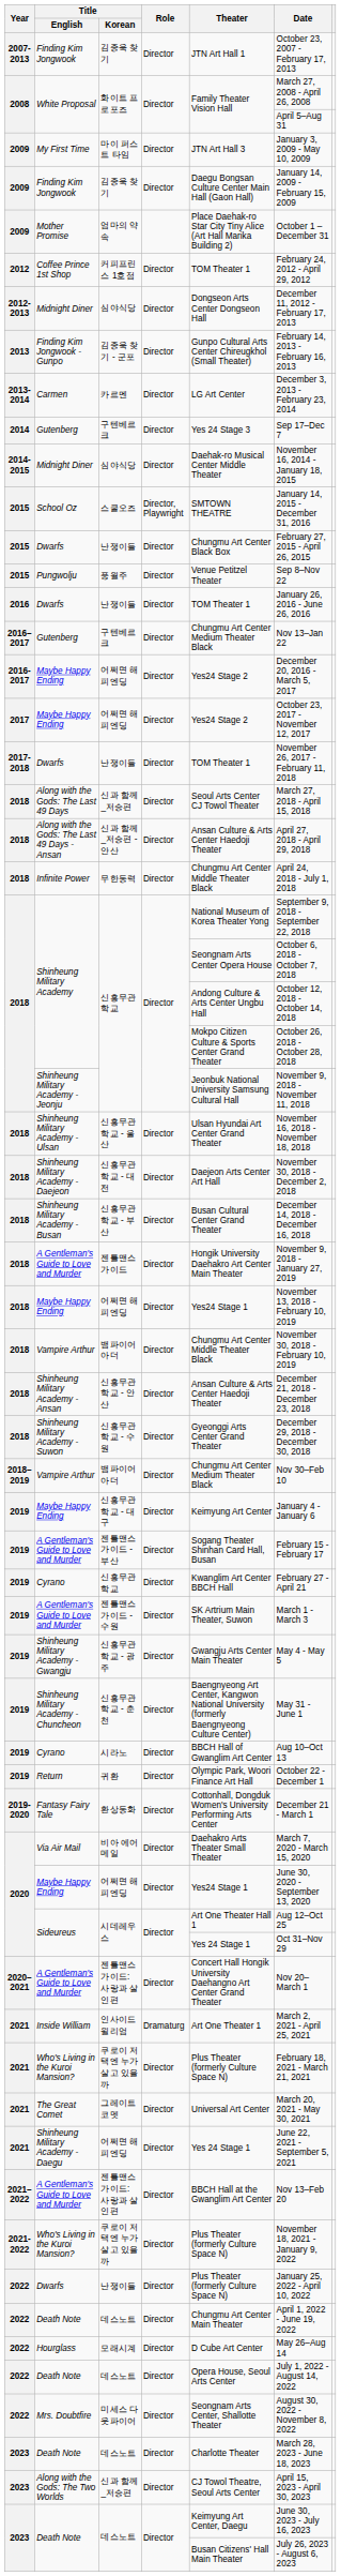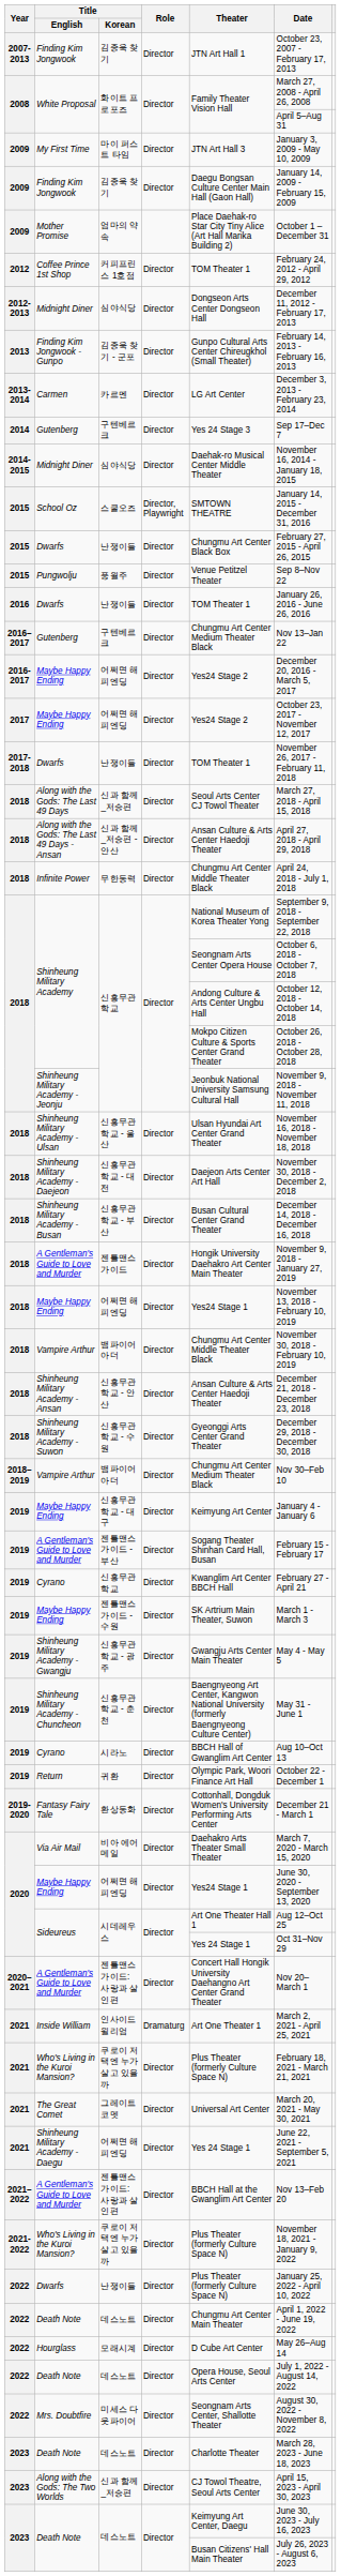 <table class="wikitable sortable plainrowheaders">
 <tr>
 <th rowspan="2" scope="col">Year</th>
 <th colspan="2" scope="col">Title</th>
 <th rowspan="2" scope="col">Role</th>
 <th rowspan="2" scope="col">Theater</th>
 <th rowspan="2" scope="col" class="sortable">Date</th>
 <th rowspan="2" scope="col" class="unsortable"></th>
 </tr>
 <tr>
 <th>English</th>
 <th>Korean</th>
 </tr>
 <tr>
 <th scope="row">2007-2013</th>
 <td><em>Finding Kim Jongwook</em></td>
 <td>김종욱 찾기</td>
 <td>Director</td>
 <td>JTN Art Hall 1</td>
 <td>October 23, 2007 - February 17, 2013</td>
 <td></td>
 </tr>
 <tr>
 <th rowspan="2" scope="row">2008</th>
 <td rowspan="2"><em>White Proposal</em></td>
 <td rowspan="2">화이트 프로포즈</td>
 <td rowspan="2">Director</td>
 <td rowspan="2">Family Theater Vision Hall</td>
 <td>March 27, 2008 - April 26, 2008</td>
 <td></td>
 </tr>
 <tr>
 <td>April 5–Aug 31</td>
 <td></td>
 </tr>
 <tr>
 <th scope="row">2009</th>
 <td><em>My First Time</em></td>
 <td>마이 퍼스트 타임</td>
 <td>Director</td>
 <td>JTN Art Hall 3</td>
 <td>January 3, 2009 - May 10, 2009</td>
 <td></td>
 </tr>
 <tr>
 <th scope="row">2009</th>
 <td><em>Finding Kim Jongwook</em></td>
 <td>김종욱 찾기</td>
 <td>Director</td>
 <td>Daegu Bongsan Culture Center Main Hall (Gaon Hall)</td>
 <td>January 14, 2009 - February 15, 2009</td>
 <td></td>
 </tr>
 <tr>
 <th scope="row">2009</th>
 <td><em>Mother Promise</em></td>
 <td>엄마의 약속</td>
 <td></td>
 <td>Place	Daehak-ro Star City Tiny Alice (Art Hall Marika Building 2)</td>
 <td>October 1 – December 31</td>
 <td></td>
 </tr>
 <tr>
 <th scope="row">2012</th>
 <td><em>Coffee Prince 1st Shop</em></td>
 <td>커피프린스 1호점</td>
 <td>Director</td>
 <td>TOM Theater 1</td>
 <td>February 24, 2012 - April 29, 2012</td>
 <td></td>
 </tr>
 <tr>
 <th scope="row">2012-2013</th>
 <td><em>Midnight Diner</em></td>
 <td>심야식당</td>
 <td>Director</td>
 <td>Dongseon Arts Center Dongseon Hall</td>
 <td>December 11, 2012 - February 17, 2013</td>
 <td></td>
 </tr>
 <tr>
 <th scope="row">2013</th>
 <td><em>Finding Kim Jongwook - Gunpo</em></td>
 <td>김종욱 찾기 - 군포</td>
 <td>Director</td>
 <td>Gunpo Cultural Arts Center Chireugkhol (Small Theater)</td>
 <td>February 14, 2013 - February 16, 2013</td>
 <td></td>
 </tr>
 <tr>
 <th scope="row">2013-2014</th>
 <td><em>Carmen</em></td>
 <td>카르멘</td>
 <td>Director</td>
 <td>LG Art Center</td>
 <td>December 3, 2013 - February 23, 2014</td>
 <td></td>
 </tr>
 <tr>
 <th scope="row">2014</th>
 <td><em>Gutenberg</em></td>
 <td>구텐베르크</td>
 <td>Director</td>
 <td>Yes 24 Stage 3</td>
 <td>Sep 17–Dec 7</td>
 <td></td>
 </tr>
 <tr>
 <th scope="row">2014-2015</th>
 <td><em>Midnight Diner</em></td>
 <td>심야식당</td>
 <td>Director</td>
 <td>Daehak-ro Musical Center Middle Theater</td>
 <td>November 16, 2014 - January 18, 2015</td>
 <td></td>
 </tr>
 <tr>
 <th scope="row">2015</th>
 <td><em>School Oz</em></td>
 <td>스쿨오즈</td>
 <td>Director, Playwright</td>
 <td>SMTOWN THEATRE</td>
 <td>January 14, 2015 - December 31, 2016</td>
 <td></td>
 </tr>
 <tr>
 <th scope="row">2015</th>
 <td><em>Dwarfs</em></td>
 <td>난쟁이들</td>
 <td>Director</td>
 <td>Chungmu Art Center Black Box</td>
 <td>February 27, 2015 - April 26, 2015</td>
 <td></td>
 </tr>
 <tr>
 <th scope="row">2015</th>
 <td><em>Pungwolju</em></td>
 <td>풍월주</td>
 <td>Director</td>
 <td>Venue Petitzel Theater</td>
 <td>Sep 8–Nov 22</td>
 <td></td>
 </tr>
 <tr>
 <th scope="row">2016</th>
 <td><em>Dwarfs</em></td>
 <td>난쟁이들</td>
 <td>Director</td>
 <td>TOM Theater 1</td>
 <td>January 26, 2016 - June 26, 2016</td>
 <td></td>
 </tr>
 <tr>
 <th scope="row">2016–2017</th>
 <td><em>Gutenberg</em></td>
 <td>구텐베르크</td>
 <td>Director</td>
 <td>Chungmu Art Center Medium Theater Black</td>
 <td>Nov 13–Jan 22</td>
 <td></td>
 </tr>
 <tr>
 <th scope="row">2016-2017</th>
 <td><em><a href='#'>Maybe Happy Ending</a></em></td>
 <td>어쩌면 해피엔딩</td>
 <td>Director</td>
 <td>Yes24 Stage 2</td>
 <td>December 20, 2016 - March 5, 2017</td>
 <td></td>
 </tr>
 <tr>
 <th scope="row">2017</th>
 <td><em><a href='#'>Maybe Happy Ending</a></em></td>
 <td>어쩌면 해피엔딩</td>
 <td>Director</td>
 <td>Yes24 Stage 2</td>
 <td>October 23, 2017 - November 12, 2017</td>
 <td></td>
 </tr>
 <tr>
 <th scope="row">2017-2018</th>
 <td><em>Dwarfs</em></td>
 <td>난쟁이들</td>
 <td>Director</td>
 <td>TOM Theater 1</td>
 <td>November 26, 2017 - February 11, 2018</td>
 <td></td>
 </tr>
 <tr>
 <th scope="row">2018</th>
 <td><em>Along with the Gods: The Last 49 Days</em></td>
 <td>신과 함께_저승편</td>
 <td>Director</td>
 <td>Seoul Arts Center CJ Towol Theater</td>
 <td>March 27, 2018 - April 15, 2018</td>
 <td></td>
 </tr>
 <tr>
 <th scope="row">2018</th>
 <td><em>Along with the Gods: The Last 49 Days - Ansan</em></td>
 <td>신과 함께_저승편 - 안산</td>
 <td>Director</td>
 <td>Ansan Culture & Arts Center Haedoji Theater</td>
 <td>April 27, 2018 - April 29, 2018</td>
 <td></td>
 </tr>
 <tr>
 <th scope="row">2018</th>
 <td><em>Infinite Power</em></td>
 <td>무한동력</td>
 <td>Director</td>
 <td>Chungmu Art Center Middle Theater Black</td>
 <td>April 24, 2018 - July 1, 2018</td>
 <td></td>
 </tr>
 <tr>
 <th rowspan="5" scope="row">2018</th>
 <td rowspan="4"><em>Shinheung Military Academy</em></td>
 <td rowspan="5">신흥무관학교</td>
 <td rowspan="5">Director</td>
 <td>National Museum of Korea Theater Yong</td>
 <td>September 9, 2018 - September 22, 2018</td>
 <td></td>
 </tr>
 <tr>
 <td>Seongnam Arts Center Opera House</td>
 <td>October 6, 2018 - October 7, 2018</td>
 <td></td>
 </tr>
 <tr>
 <td>Andong Culture & Arts Center Ungbu Hall</td>
 <td>October 12, 2018 - October 14, 2018</td>
 <td></td>
 </tr>
 <tr>
 <td>Mokpo Citizen Culture & Sports Center Grand Theater</td>
 <td>October 26, 2018 - October 28, 2018</td>
 <td></td>
 </tr>
 <tr>
 <td><em>Shinheung Military Academy - Jeonju</em></td>
 <td>Jeonbuk National University Samsung Cultural Hall</td>
 <td>November 9, 2018 - November 11, 2018</td>
 <td></td>
 </tr>
 <tr>
 <th scope="row">2018</th>
 <td><em>Shinheung Military Academy - Ulsan</em></td>
 <td>신흥무관학교 - 울산</td>
 <td>Director</td>
 <td>Ulsan Hyundai Art Center Grand Theater</td>
 <td>November 16, 2018 - November 18, 2018</td>
 <td></td>
 </tr>
 <tr>
 <th scope="row">2018</th>
 <td><em>Shinheung Military Academy - Daejeon</em></td>
 <td>신흥무관학교 - 대전</td>
 <td>Director</td>
 <td>Daejeon Arts Center Art Hall</td>
 <td>November 30, 2018 - December 2, 2018</td>
 <td></td>
 </tr>
 <tr>
 <th scope="row">2018</th>
 <td><em>Shinheung Military Academy - Busan</em></td>
 <td>신흥무관학교 - 부산</td>
 <td>Director</td>
 <td>Busan Cultural Center Grand Theater</td>
 <td>December 14, 2018 - December 16, 2018</td>
 <td></td>
 </tr>
 <tr>
 <th scope="row">2018</th>
 <td><em><a href='#'>A Gentleman's Guide to Love and Murder</a></em></td>
 <td>젠틀맨스 가이드</td>
 <td>Director</td>
 <td>Hongik University Daehakro Art Center Main Theater</td>
 <td>November 9, 2018 - January 27, 2019</td>
 <td></td>
 </tr>
 <tr>
 <th scope="row">2018</th>
 <td><em><a href='#'>Maybe Happy Ending</a></em></td>
 <td>어쩌면 해피엔딩</td>
 <td>Director</td>
 <td>Yes24 Stage 1</td>
 <td>November 13, 2018 - February 10, 2019</td>
 <td></td>
 </tr>
 <tr>
 <th scope="row">2018</th>
 <td><em>Vampire Arthur</em></td>
 <td>뱀파이어 아더</td>
 <td>Director</td>
 <td>Chungmu Art Center Middle Theater Black</td>
 <td>November 30, 2018 - February 10, 2019</td>
 <td></td>
 </tr>
 <tr>
 <th scope="row">2018</th>
 <td><em>Shinheung Military Academy - Ansan</em></td>
 <td>신흥무관학교 - 안산</td>
 <td>Director</td>
 <td>Ansan Culture & Arts Center Haedoji Theater</td>
 <td>December 21, 2018 - December 23, 2018</td>
 <td></td>
 </tr>
 <tr>
 <th scope="row">2018</th>
 <td><em>Shinheung Military Academy - Suwon</em></td>
 <td>신흥무관학교 - 수원</td>
 <td>Director</td>
 <td>Gyeonggi Arts Center Grand Theater</td>
 <td>December 29, 2018 - December 30, 2018</td>
 <td></td>
 </tr>
 <tr>
 <th scope="row">2018–2019</th>
 <td><em>Vampire Arthur</em></td>
 <td>뱀파이어 아더</td>
 <td>Director</td>
 <td>Chungmu Art Center Medium Theater Black</td>
 <td>Nov 30–Feb 10</td>
 <td></td>
 </tr>
 <tr>
 <th scope="row">2019</th>
 <td><em><a href='#'>Maybe Happy Ending</a></em></td>
 <td>신흥무관학교 - 대구</td>
 <td>Director</td>
 <td>Keimyung Art Center</td>
 <td>January 4 - January 6</td>
 <td></td>
 </tr>
 <tr>
 <th scope="row">2019</th>
 <td><em><a href='#'>A Gentleman's Guide to Love and Murder</a></em></td>
 <td>젠틀맨스 가이드 - 부산</td>
 <td>Director</td>
 <td>Sogang Theater Shinhan Card Hall, Busan</td>
 <td>February 15 - February 17</td>
 <td></td>
 </tr>
 <tr>
 <th scope="row">2019</th>
 <td><em>Cyrano</em></td>
 <td>신흥무관학교</td>
 <td>Director</td>
 <td>Kwanglim Art Center BBCH Hall</td>
 <td>February 27 - April 21</td>
 <td></td>
 </tr>
 <tr>
 <th scope="row">2019</th>
-<td><em><a href='#'>A Gentleman's Guide to Love and Murder</a></em></td>
+<td><em><a href='#'>Maybe Happy Ending</a></em></td>
 <td>젠틀맨스 가이드 - 수원</td>
 <td>Director</td>
 <td>SK Artrium Main Theater, Suwon</td>
 <td>March 1 - March 3</td>
 <td></td>
 </tr>
 <tr>
 <th scope="row">2019</th>
 <td><em>Shinheung Military Academy - Gwangju</em></td>
 <td>신흥무관학교 - 광주</td>
 <td>Director</td>
 <td>Gwangju Arts Center Main Theater</td>
 <td>May 4 - May 5</td>
 <td></td>
 </tr>
 <tr>
 <th scope="row">2019</th>
 <td><em>Shinheung Military Academy - Chuncheon</em></td>
 <td>신흥무관학교 - 춘천</td>
 <td>Director</td>
 <td>Baengnyeong Art Center, Kangwon National University (formerly Baengnyeong Culture Center)</td>
 <td>May 31 - June 1</td>
 <td></td>
 </tr>
 <tr>
 <th scope="row">2019</th>
 <td><em>Cyrano</em></td>
 <td>시라노</td>
 <td>Director</td>
 <td>BBCH Hall of Gwanglim Art Center</td>
 <td>Aug 10–Oct 13</td>
 <td></td>
 </tr>
 <tr>
 <th scope="row">2019</th>
 <td><em>Return</em></td>
 <td>귀환</td>
 <td>Director</td>
 <td>Olympic Park, Woori Finance Art Hall</td>
 <td>October 22 - December 1</td>
 <td></td>
 </tr>
 <tr>
 <th scope="row">2019-2020</th>
 <td><em>Fantasy Fairy Tale</em></td>
 <td>환상동화</td>
 <td>Director</td>
 <td>Cottonhall, Dongduk Women's University Performing Arts Center</td>
 <td>December 21 - March 1</td>
 <td></td>
 </tr>
 <tr>
 <th rowspan="4" scope="row">2020</th>
 <td><em>Via Air Mail</em></td>
 <td>비아 에어 메일</td>
 <td>Director</td>
 <td>Daehakro Arts Theater Small Theater</td>
 <td>March 7, 2020 - March 15, 2020</td>
 <td></td>
 </tr>
 <tr>
 <td><em><a href='#'>Maybe Happy Ending</a></em></td>
 <td>어쩌면 해피엔딩</td>
 <td>Director</td>
 <td>Yes24 Stage 1</td>
 <td>June 30, 2020 - September 13, 2020</td>
 <td></td>
 </tr>
 <tr>
 <td rowspan="2"><em>Sideureus</em></td>
 <td rowspan="2">시데레우스</td>
 <td rowspan="2">Director</td>
 <td>Art One Theater Hall 1</td>
 <td>Aug 12–Oct 25</td>
 <td></td>
 </tr>
 <tr>
 <td>Yes 24 Stage 1</td>
 <td>Oct 31–Nov 29</td>
 <td></td>
 </tr>
 <tr>
 <th scope="row">2020–2021</th>
 <td><em><a href='#'>A Gentleman's Guide to Love and Murder</a></em></td>
 <td>젠틀맨스 가이드: 사랑과 살인편</td>
 <td>Director</td>
 <td>Concert Hall Hongik University Daehangno Art Center Grand Theater</td>
 <td>Nov 20–March 1</td>
 <td></td>
 </tr>
 <tr>
 <th scope="row">2021</th>
 <td><em>Inside William</em></td>
 <td>인사이드 윌리엄</td>
 <td>Dramaturg</td>
 <td>Art One Theater 1</td>
 <td>March 2, 2021 - April 25, 2021</td>
 <td></td>
 </tr>
 <tr>
 <th scope="row">2021</th>
 <td><em>Who's Living in the Kuroi Mansion?</em></td>
 <td>쿠로이 저택엔 누가 살고 있을까</td>
 <td>Director</td>
 <td>Plus Theater (formerly Culture Space N)</td>
 <td>February 18, 2021 - March 21, 2021</td>
 <td></td>
 </tr>
 <tr>
 <th scope="row">2021</th>
 <td><em>The Great Comet</em></td>
 <td>그레이트 코멧</td>
 <td>Director</td>
 <td>Universal Art Center</td>
 <td>March 20, 2021 - May 30, 2021</td>
 <td></td>
 </tr>
 <tr>
 <th scope="row">2021</th>
 <td><em>Shinheung Military Academy - Daegu</em></td>
 <td>어쩌면 해피엔딩</td>
 <td>Director</td>
 <td>Yes 24 Stage 1</td>
 <td>June 22, 2021 - September 5, 2021</td>
 <td></td>
 </tr>
 <tr>
 <th scope="row">2021–2022</th>
 <td><em><a href='#'>A Gentleman's Guide to Love and Murder</a></em></td>
 <td>젠틀맨스 가이드: 사랑과 살인편</td>
 <td>Director</td>
 <td>BBCH Hall at the Gwanglim Art Center</td>
 <td>Nov 13–Feb 20</td>
 <td></td>
 </tr>
 <tr>
 <th scope="row">2021-2022</th>
 <td><em>Who's Living in the Kuroi Mansion?</em></td>
 <td>쿠로이 저택엔 누가 살고 있을까</td>
 <td>Director</td>
 <td>Plus Theater (formerly Culture Space N)</td>
 <td>November 18, 2021 - January 9, 2022</td>
 <td></td>
 </tr>
 <tr>
 <th scope="row">2022</th>
 <td><em>Dwarfs</em></td>
 <td>난쟁이들</td>
 <td>Director</td>
 <td>Plus Theater (formerly Culture Space N)</td>
 <td>January 25, 2022 - April 10, 2022</td>
 <td></td>
 </tr>
 <tr>
 <th scope="row">2022</th>
 <td><em>Death Note</em></td>
 <td>데스노트</td>
 <td>Director</td>
 <td>Chungmu Art Center Main Theater</td>
 <td>April 1, 2022 - June 19, 2022</td>
 <td></td>
 </tr>
 <tr>
 <th scope="row">2022</th>
 <td><em>Hourglass</em></td>
 <td>모래시계</td>
 <td>Director</td>
 <td>D Cube Art Center</td>
 <td>May 26–Aug 14</td>
 <td></td>
 </tr>
 <tr>
 <th scope="row">2022</th>
 <td><em>Death Note</em></td>
 <td>데스노트</td>
 <td>Director</td>
 <td>Opera House, Seoul Arts Center</td>
 <td>July 1, 2022 - August 14, 2022</td>
 <td></td>
 </tr>
 <tr>
 <th scope="row">2022</th>
 <td><em>Mrs. Doubtfire</em></td>
 <td>미세스 다웃파이어</td>
 <td>Director</td>
 <td>Seongnam Arts Center, Shallotte Theater</td>
 <td>August 30, 2022 - November 8, 2022</td>
 <td></td>
 </tr>
 <tr>
 <th scope="row">2023</th>
 <td><em>Death Note</em></td>
 <td>데스노트</td>
 <td>Director</td>
 <td>Charlotte Theater</td>
 <td>March 28, 2023 - June 18, 2023</td>
 <td></td>
 </tr>
 <tr>
 <th scope="row">2023</th>
 <td><em>Along with the Gods: The Two Worlds</em></td>
 <td>신과 함께_저승편</td>
 <td>Director</td>
 <td>CJ Towol Theatre, Seoul Arts Center</td>
 <td>April 15, 2023 - April 30, 2023</td>
 <td></td>
 </tr>
 <tr>
 <th rowspan="2" scope="row">2023</th>
 <td rowspan="2"><em>Death Note</em></td>
 <td rowspan="2">데스노트</td>
 <td rowspan="2">Director</td>
 <td>Keimyung Art Center, Daegu</td>
 <td>June 30, 2023 - July 16, 2023</td>
 <td></td>
 </tr>
 <tr>
 <td>Busan Citizens' Hall Main Theater</td>
 <td>July 26, 2023 - August 6, 2023</td>
 <td></td>
 </tr>
 </table>
